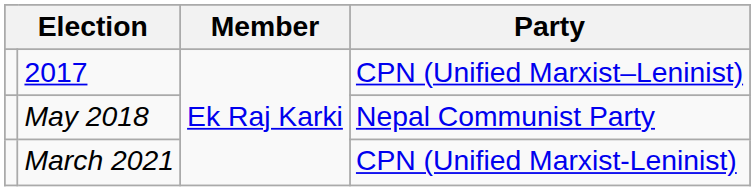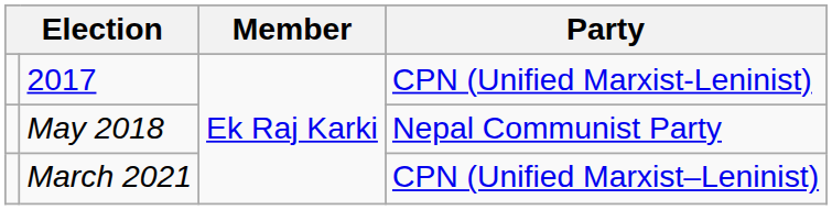 <table class="wikitable">
 <tr>
 <th colspan="2">Election</th>
 <th>Member</th>
 <th>Party</th>
 </tr>
 <tr>
 <td style="background-color:"></td>
 <td><a href='#'>2017</a></td>
 <td rowspan="3"><a href='#'>Ek Raj Karki</a></td>
-<td><a href='#'>CPN (Unified Marxist–Leninist)</a></td>
+<td><a href='#'>CPN (Unified Marxist-Leninist)</a></td>
 </tr>
 <tr>
 <td style="background-color:"></td>
 <td><em>May 2018</em></td>
 <td><a href='#'>Nepal Communist Party</a></td>
 </tr>
 <tr>
 <td style="background-color:"></td>
 <td><em>March 2021</em></td>
-<td><a href='#'>CPN (Unified Marxist-Leninist)</a></td>
+<td><a href='#'>CPN (Unified Marxist–Leninist)</a></td>
 </tr>
 </table>
